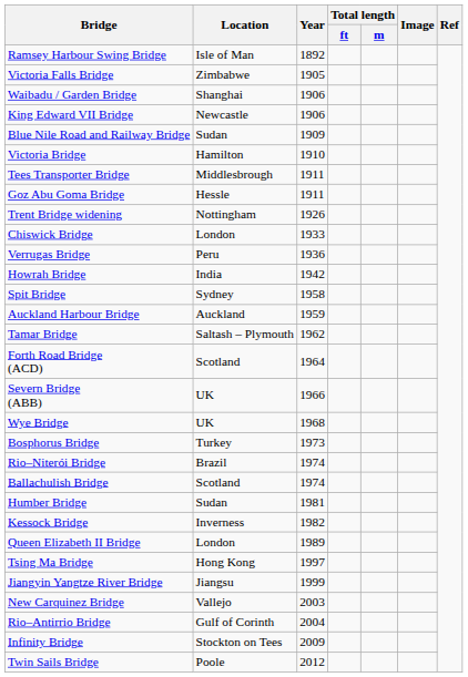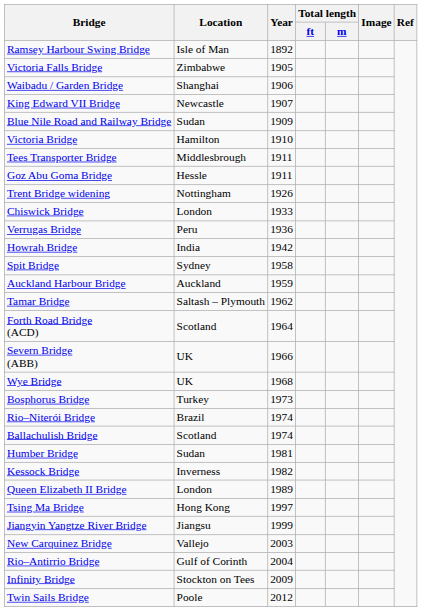 <table class="wikitable sortable">
 <tr>
 <th rowspan=2>Bridge</th>
 <th rowspan=2>Location</th>
 <th rowspan=2>Year</th>
 <th colspan=2>Total length</th>
 <th rowspan=2>Image</th>
 <th rowspan=2>Ref</th>
 </tr>
 <tr>
 <th><a href='#'>ft</a></th>
 <th><a href='#'>m</a></th>
 </tr>
 <tr>
 <td><a href='#'>Ramsey Harbour Swing Bridge</a></td>
 <td>Isle of Man</td>
 <td>1892</td>
 <td></td>
 <td></td>
 <td></td>
 </tr>
 <tr>
 <td><a href='#'>Victoria Falls Bridge</a></td>
 <td>Zim­babwe</td>
 <td>1905</td>
 <td></td>
 <td></td>
 <td></td>
 </tr>
 <tr>
 <td><a href='#'>Waibadu / Garden Bridge</a></td>
 <td>Shanghai</td>
 <td>1906</td>
 <td></td>
 <td></td>
 <td></td>
 </tr>
 <tr>
 <td><a href='#'>King Edward VII Bridge</a></td>
 <td>New­castle</td>
-<td>1906</td>
+<td>1907</td>
 <td></td>
 <td></td>
 <td></td>
 </tr>
 <tr>
 <td><a href='#'>Blue Nile Road and Railway Bridge</a></td>
 <td>Sudan</td>
 <td>1909</td>
 <td></td>
 <td></td>
 <td></td>
 </tr>
 <tr>
 <td><a href='#'>Victoria Bridge</a></td>
 <td>Hamilton</td>
 <td>1910</td>
 <td></td>
 <td></td>
 <td></td>
 </tr>
 <tr>
 <td><a href='#'>Tees Trans­porter Bridge</a></td>
 <td>Middle­sbrough</td>
 <td>1911</td>
 <td></td>
 <td></td>
 <td></td>
 </tr>
 <tr>
 <td><a href='#'>Goz Abu Goma Bridge</a></td>
 <td>Hessle</td>
 <td>1911</td>
 <td></td>
 <td></td>
 <td></td>
 </tr>
 <tr>
 <td><a href='#'>Trent Bridge widening</a></td>
 <td>Nott­ingham</td>
 <td>1926</td>
 <td></td>
 <td></td>
 <td></td>
 </tr>
 <tr>
 <td><a href='#'>Chiswick Bridge</a></td>
 <td>London</td>
 <td>1933</td>
 <td></td>
 <td></td>
 <td></td>
 </tr>
 <tr>
 <td><a href='#'>Verrugas Bridge</a></td>
 <td>Peru</td>
 <td>1936</td>
 <td></td>
 <td></td>
 <td></td>
 </tr>
 <tr>
 <td><a href='#'>Howrah Bridge</a></td>
 <td>India</td>
 <td>1942</td>
 <td></td>
 <td></td>
 <td></td>
 </tr>
 <tr>
 <td><a href='#'>Spit Bridge</a></td>
 <td>Sydney</td>
 <td>1958</td>
 <td></td>
 <td></td>
 <td></td>
 </tr>
 <tr>
 <td><a href='#'>Auckland Harbour Bridge</a></td>
 <td>Auckland</td>
 <td>1959</td>
 <td></td>
 <td></td>
 <td></td>
 </tr>
 <tr>
 <td><a href='#'>Tamar Bridge</a></td>
 <td>Saltash – Plymouth</td>
 <td>1962</td>
 <td></td>
 <td></td>
 <td></td>
 </tr>
 <tr>
 <td><a href='#'>Forth Road Bridge</a><br>(ACD)</td>
 <td>Scotland</td>
 <td>1964</td>
 <td></td>
 <td></td>
 <td></td>
 </tr>
 <tr>
 <td><a href='#'>Severn Bridge</a><br>(ABB)</td>
 <td>UK</td>
 <td>1966</td>
 <td></td>
 <td></td>
 <td></td>
 </tr>
 <tr>
 <td><a href='#'>Wye Bridge</a></td>
 <td>UK</td>
 <td>1968</td>
 <td></td>
 <td></td>
 <td></td>
 </tr>
 <tr>
 <td><a href='#'>Bos­phorus Bridge</a></td>
 <td>Turkey</td>
 <td>1973</td>
 <td></td>
 <td></td>
 <td></td>
 </tr>
 <tr>
 <td><a href='#'>Rio–Niterói Bridge</a></td>
 <td>Brazil</td>
 <td>1974</td>
 <td></td>
 <td></td>
 <td></td>
 </tr>
 <tr>
 <td><a href='#'>Balla­chulish Bridge</a></td>
 <td>Scotland</td>
 <td>1974</td>
 <td></td>
 <td></td>
 <td></td>
 </tr>
 <tr>
 <td><a href='#'>Humber Bridge</a></td>
 <td>Sudan</td>
 <td>1981</td>
 <td></td>
 <td></td>
 <td></td>
 </tr>
 <tr>
 <td><a href='#'>Kessock Bridge</a></td>
 <td>Inver­ness</td>
 <td>1982</td>
 <td></td>
 <td></td>
 <td></td>
 </tr>
 <tr>
 <td><a href='#'>Queen Elizabeth II Bridge</a></td>
 <td>London</td>
 <td>1989</td>
 <td></td>
 <td></td>
 <td></td>
 </tr>
 <tr>
 <td><a href='#'>Tsing Ma Bridge</a></td>
 <td>Hong Kong</td>
 <td>1997</td>
 <td></td>
 <td></td>
 <td></td>
 </tr>
 <tr>
 <td><a href='#'>Jiangyin Yangtze River Bridge</a></td>
 <td>Jiangsu</td>
 <td>1999</td>
 <td></td>
 <td></td>
 <td></td>
 </tr>
 <tr>
 <td><a href='#'>New Carquinez Bridge</a></td>
 <td>Vallejo</td>
 <td>2003</td>
 <td></td>
 <td></td>
 <td></td>
 </tr>
 <tr>
 <td><a href='#'>Rio–Antirrio Bridge</a></td>
 <td>Gulf of Corinth</td>
 <td>2004</td>
 <td></td>
 <td></td>
 <td></td>
 </tr>
 <tr>
 <td><a href='#'>Infinity Bridge</a></td>
 <td>Stockton on Tees</td>
 <td>2009</td>
 <td></td>
 <td></td>
 <td></td>
 </tr>
 <tr>
 <td><a href='#'>Twin Sails Bridge</a></td>
 <td>Poole</td>
 <td>2012</td>
 <td></td>
 <td></td>
 <td></td>
 </tr>
 </table>
